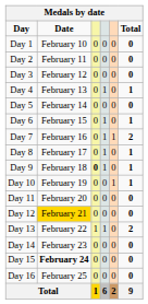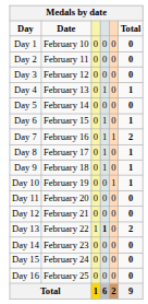 <table class=wikitable style="font-size:85%;float:right;clear:right;text-align:center;">
 <tr bgcolor=efefef>
 <th colspan=6>Medals by date</th>
 </tr>
 <tr align=center>
 <td><strong>Day</strong></td>
 <td><strong>Date</strong></td>
 <td bgcolor=#f7f6a8></td>
 <td bgcolor=#dce5e5></td>
 <td bgcolor=#ffdab9></td>
 <td><strong>Total</strong></td>
 </tr>
 <tr align=center>
 <td>Day 1</td>
 <td>February 10</td>
 <td bgcolor=F7F6A8>0</td>
 <td bgcolor=DCE5E5>0</td>
 <td bgcolor=FFDAB9>0</td>
 <td><strong>0</strong></td>
 </tr>
 <tr align=center>
 <td>Day 2</td>
 <td>February 11</td>
 <td bgcolor=F7F6A8>0</td>
 <td bgcolor=DCE5E5>0</td>
 <td bgcolor=FFDAB9>0</td>
 <td><strong>0</strong></td>
 </tr>
 <tr align=center>
 <td>Day 3</td>
 <td>February 12</td>
 <td bgcolor=F7F6A8>0</td>
 <td bgcolor=DCE5E5>0</td>
 <td bgcolor=FFDAB9>0</td>
 <td><strong>0</strong></td>
 </tr>
 <tr align=center>
 <td>Day 4</td>
 <td>February 13</td>
 <td bgcolor=F7F6A8>0</td>
 <td bgcolor=DCE5E5>1</td>
 <td bgcolor=FFDAB9>0</td>
 <td><strong>1</strong></td>
 </tr>
 <tr align=center>
 <td>Day 5</td>
 <td>February 14</td>
 <td bgcolor=F7F6A8>0</td>
 <td bgcolor=DCE5E5>0</td>
 <td bgcolor=FFDAB9>0</td>
 <td><strong>0</strong></td>
 </tr>
 <tr align=center>
 <td>Day 6</td>
 <td>February 15</td>
 <td bgcolor=F7F6A8>0</td>
 <td bgcolor=DCE5E5>1</td>
 <td bgcolor=FFDAB9>0</td>
 <td><strong>1</strong></td>
 </tr>
 <tr align=center>
 <td>Day 7</td>
 <td>February 16</td>
 <td bgcolor=F7F6A8>0</td>
 <td bgcolor=DCE5E5>1</td>
 <td bgcolor=FFDAB9>1</td>
 <td><strong>2</strong></td>
 </tr>
 <tr align=center>
 <td>Day 8</td>
 <td>February 17</td>
 <td bgcolor=F7F6A8>0</td>
 <td bgcolor=DCE5E5>1</td>
 <td bgcolor=FFDAB9>0</td>
 <td><strong>1</strong></td>
 </tr>
 <tr align=center>
 <td>Day 9</td>
 <td>February 18</td>
-<td bgcolor=F7F6A8><strong>0</strong></td>
+<td bgcolor=F7F6A8>0</td>
 <td bgcolor=DCE5E5>1</td>
 <td bgcolor=FFDAB9>0</td>
 <td><strong>1</strong></td>
 </tr>
 <tr align=center>
 <td>Day 10</td>
 <td>February 19</td>
 <td bgcolor=F7F6A8>0</td>
 <td bgcolor=DCE5E5>0</td>
 <td bgcolor=FFDAB9>1</td>
 <td><strong>1</strong></td>
 </tr>
 <tr align=center>
 <td>Day 11</td>
 <td>February 20</td>
 <td bgcolor=F7F6A8>0</td>
 <td bgcolor=DCE5E5>0</td>
 <td bgcolor=FFDAB9>0</td>
 <td><strong>0</strong></td>
 </tr>
 <tr align=center>
 <td>Day 12</td>
-<td style="background: gold;">February 21</td>
+<td>February 21</td>
 <td bgcolor=F7F6A8>0</td>
 <td bgcolor=DCE5E5>0</td>
 <td bgcolor=FFDAB9>0</td>
 <td><strong>0</strong></td>
 </tr>
 <tr align=center>
 <td>Day 13</td>
 <td>February 22</td>
 <td bgcolor=F7F6A8>1</td>
-<td bgcolor=DCE5E5>1</td>
+<td bgcolor=DCE5E5><strong>1</strong></td>
 <td bgcolor=FFDAB9>0</td>
 <td><strong>2</strong></td>
 </tr>
 <tr align=center>
 <td>Day 14</td>
 <td>February 23</td>
 <td bgcolor=F7F6A8>0</td>
 <td bgcolor=DCE5E5>0</td>
 <td bgcolor=FFDAB9>0</td>
 <td><strong>0</strong></td>
 </tr>
 <tr align=center>
 <td>Day 15</td>
-<td><strong>February 24</strong></td>
+<td>February 24</td>
 <td bgcolor=F7F6A8>0</td>
 <td bgcolor=DCE5E5>0</td>
 <td bgcolor=FFDAB9>0</td>
 <td><strong>0</strong></td>
 </tr>
 <tr align=center>
 <td>Day 16</td>
 <td>February 25</td>
 <td bgcolor=F7F6A8>0</td>
 <td bgcolor=DCE5E5>0</td>
 <td bgcolor=FFDAB9>0</td>
 <td><strong>0</strong></td>
 </tr>
 <tr>
 <th colspan=2>Total</th>
 <th style="background:gold">1</th>
 <th style="background:silver">6</th>
 <th style="background:#c96">2</th>
 <th>9</th>
 </tr>
 </table>
